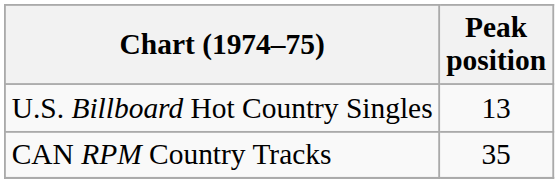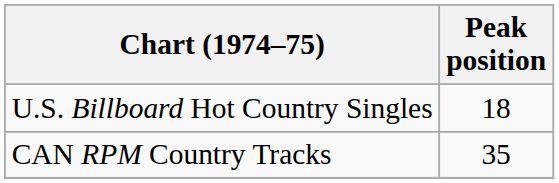 <table class="wikitable sortable">
 <tr>
 <th align="left">Chart (1974–75)</th>
 <th align="center">Peak<br>position</th>
 </tr>
 <tr>
 <td align="left">U.S. <em>Billboard</em> Hot Country Singles</td>
-<td align="center">13</td>
+<td align="center">18</td>
 </tr>
 <tr>
 <td align="left">CAN <em>RPM</em> Country Tracks</td>
 <td align="center">35</td>
 </tr>
 <tr>
 </tr>
 </table>
